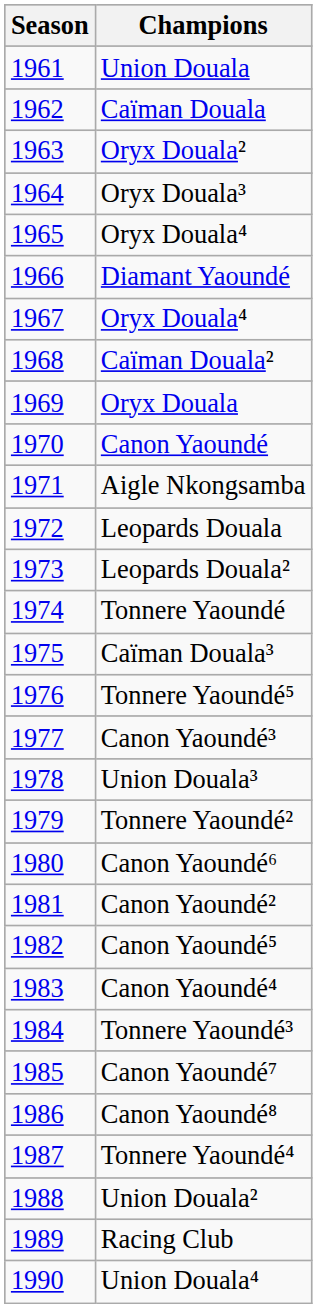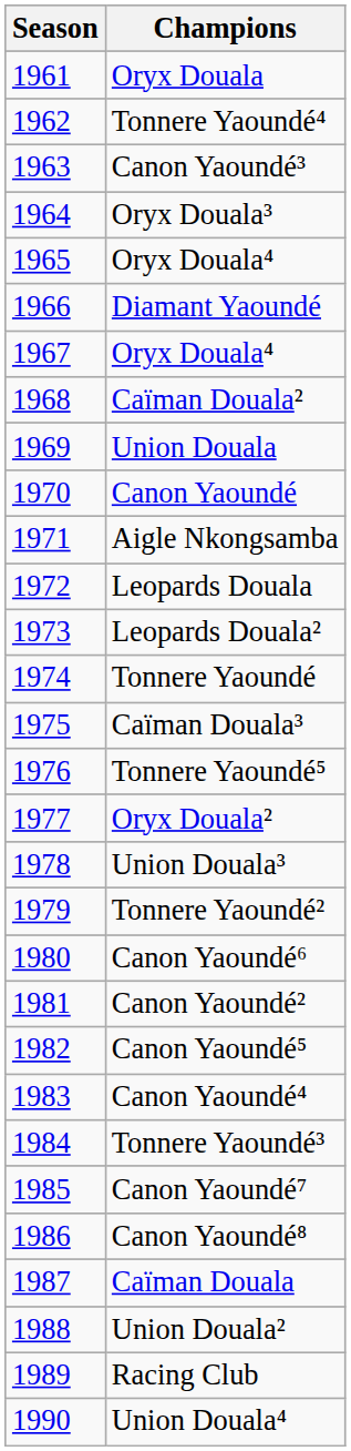 <table class=wikitable>
 <tr>
 <th>Season</th>
 <th>Champions</th>
 </tr>
 <tr>
 <td><a href='#'>1961</a></td>
-<td><a href='#'>Union Douala</a></td>
+<td><a href='#'>Oryx Douala</a></td>
 </tr>
 <tr>
 <td><a href='#'>1962</a></td>
-<td><a href='#'>Caïman Douala</a></td>
+<td>Tonnere Yaoundé⁴</td>
 </tr>
 <tr>
 <td><a href='#'>1963</a></td>
-<td><a href='#'>Oryx Douala</a>²</td>
+<td>Canon Yaoundé³</td>
 </tr>
 <tr>
 <td><a href='#'>1964</a></td>
 <td>Oryx Douala³</td>
 </tr>
 <tr>
 <td><a href='#'>1965</a></td>
 <td>Oryx Douala⁴</td>
 </tr>
 <tr>
 <td><a href='#'>1966</a></td>
 <td><a href='#'>Diamant Yaoundé</a></td>
 </tr>
 <tr>
 <td><a href='#'>1967</a></td>
 <td><a href='#'>Oryx Douala</a>⁴</td>
 </tr>
 <tr>
 <td><a href='#'>1968</a></td>
 <td><a href='#'>Caïman Douala</a>²</td>
 </tr>
 <tr>
 <td><a href='#'>1969</a></td>
-<td><a href='#'>Oryx Douala</a></td>
+<td><a href='#'>Union Douala</a></td>
 </tr>
 <tr>
 <td><a href='#'>1970</a></td>
 <td><a href='#'>Canon Yaoundé</a></td>
 </tr>
 <tr>
 <td><a href='#'>1971</a></td>
 <td>Aigle Nkongsamba</td>
 </tr>
 <tr>
 <td><a href='#'>1972</a></td>
 <td>Leopards Douala</td>
 </tr>
 <tr>
 <td><a href='#'>1973</a></td>
 <td>Leopards Douala²</td>
 </tr>
 <tr>
 <td><a href='#'>1974</a></td>
 <td>Tonnere Yaoundé</td>
 </tr>
 <tr>
 <td><a href='#'>1975</a></td>
 <td>Caïman Douala³</td>
 </tr>
 <tr>
 <td><a href='#'>1976</a></td>
 <td>Tonnere Yaoundé⁵</td>
 </tr>
 <tr>
 <td><a href='#'>1977</a></td>
-<td>Canon Yaoundé³</td>
+<td><a href='#'>Oryx Douala</a>²</td>
 </tr>
 <tr>
 <td><a href='#'>1978</a></td>
 <td>Union Douala³</td>
 </tr>
 <tr>
 <td><a href='#'>1979</a></td>
 <td>Tonnere Yaoundé²</td>
 </tr>
 <tr>
 <td><a href='#'>1980</a></td>
 <td>Canon Yaoundé⁶</td>
 </tr>
 <tr>
 <td><a href='#'>1981</a></td>
 <td>Canon Yaoundé²</td>
 </tr>
 <tr>
 <td><a href='#'>1982</a></td>
 <td>Canon Yaoundé⁵</td>
 </tr>
 <tr>
 <td><a href='#'>1983</a></td>
 <td>Canon Yaoundé⁴</td>
 </tr>
 <tr>
 <td><a href='#'>1984</a></td>
 <td>Tonnere Yaoundé³</td>
 </tr>
 <tr>
 <td><a href='#'>1985</a></td>
 <td>Canon Yaoundé⁷</td>
 </tr>
 <tr>
 <td><a href='#'>1986</a></td>
 <td>Canon Yaoundé⁸</td>
 </tr>
 <tr>
 <td><a href='#'>1987</a></td>
-<td>Tonnere Yaoundé⁴</td>
+<td><a href='#'>Caïman Douala</a></td>
 </tr>
 <tr>
 <td><a href='#'>1988</a></td>
 <td>Union Douala²</td>
 </tr>
 <tr>
 <td><a href='#'>1989</a></td>
 <td>Racing Club</td>
 </tr>
 <tr>
 <td><a href='#'>1990</a></td>
 <td>Union Douala⁴</td>
 </tr>
 </table>
